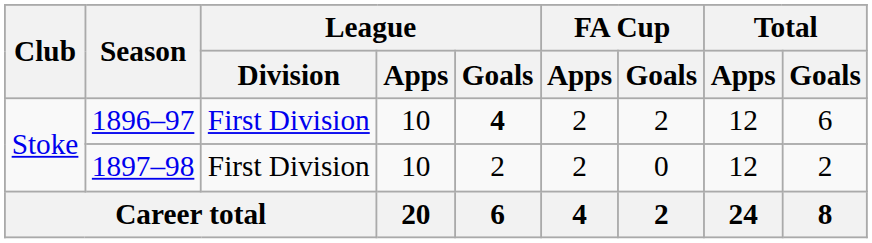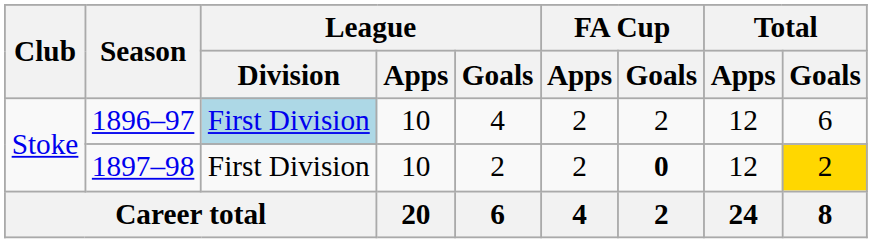 <table class="wikitable" style="text-align: center;">
 <tr>
 <th rowspan="2">Club</th>
 <th rowspan="2">Season</th>
 <th colspan="3">League</th>
 <th colspan="2">FA Cup</th>
 <th colspan="2">Total</th>
 </tr>
 <tr>
 <th>Division</th>
 <th>Apps</th>
 <th>Goals</th>
 <th>Apps</th>
 <th>Goals</th>
 <th>Apps</th>
 <th>Goals</th>
 </tr>
 <tr>
 <td rowspan="2"><a href='#'>Stoke</a></td>
 <td><a href='#'>1896–97</a></td>
-<td><a href='#'>First Division</a></td>
+<td style="background: lightblue;"><a href='#'>First Division</a></td>
 <td>10</td>
-<td><strong>4</strong></td>
+<td>4</td>
 <td>2</td>
 <td>2</td>
 <td>12</td>
 <td>6</td>
 </tr>
 <tr>
 <td><a href='#'>1897–98</a></td>
 <td>First Division</td>
 <td>10</td>
 <td>2</td>
 <td>2</td>
-<td>0</td>
+<td><strong>0</strong></td>
 <td>12</td>
-<td>2</td>
+<td style="background: gold;">2</td>
 </tr>
 <tr>
 <th colspan="3">Career total</th>
 <th>20</th>
 <th>6</th>
 <th>4</th>
 <th>2</th>
 <th>24</th>
 <th>8</th>
 </tr>
 </table>
